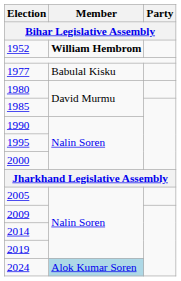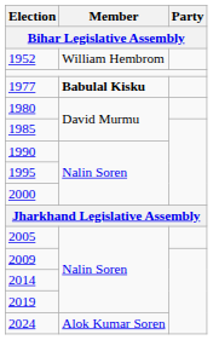 <table class="wikitable sortable">
 <tr>
 <th>Election</th>
 <th>Member</th>
 <th colspan=2>Party</th>
 </tr>
 <tr>
 <th colspan=4><a href='#'>Bihar Legislative Assembly</a></th>
 </tr>
 <tr>
 <td><a href='#'>1952</a></td>
-<td><strong>William Hembrom</strong></td>
+<td>William Hembrom</td>
 <td></td>
 </tr>
 <tr>
 <td colspan="4"></td>
 </tr>
 <tr>
 <td><a href='#'>1977</a></td>
-<td>Babulal Kisku</td>
+<td><strong>Babulal Kisku</strong></td>
 <td></td>
 </tr>
 <tr>
 <td><a href='#'>1980</a></td>
 <td rowspan=2>David Murmu</td>
 <td></td>
 </tr>
 <tr>
 <td><a href='#'>1985</a></td>
 </tr>
 <tr>
 <td><a href='#'>1990</a></td>
 <td rowspan=3><a href='#'>Nalin Soren</a></td>
 </tr>
 <tr>
 <td><a href='#'>1995</a></td>
 </tr>
 <tr>
 <td><a href='#'>2000</a></td>
 </tr>
 <tr>
 <th colspan=4><a href='#'>Jharkhand Legislative Assembly</a></th>
 </tr>
 <tr>
 <td><a href='#'>2005</a></td>
 <td rowspan=4><a href='#'>Nalin Soren</a></td>
 <td></td>
 </tr>
 <tr>
 <td><a href='#'>2009</a></td>
 </tr>
 <tr>
 <td><a href='#'>2014</a></td>
 </tr>
 <tr>
 <td><a href='#'>2019</a></td>
 </tr>
 <tr>
 <td><a href='#'>2024</a></td>
-<td style="background: lightblue;"><a href='#'>Alok Kumar Soren</a></td>
+<td><a href='#'>Alok Kumar Soren</a></td>
 </tr>
 </table>
